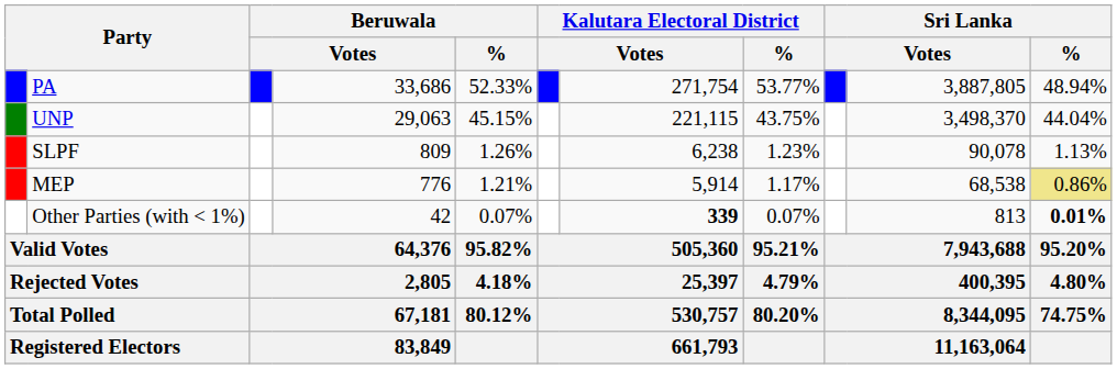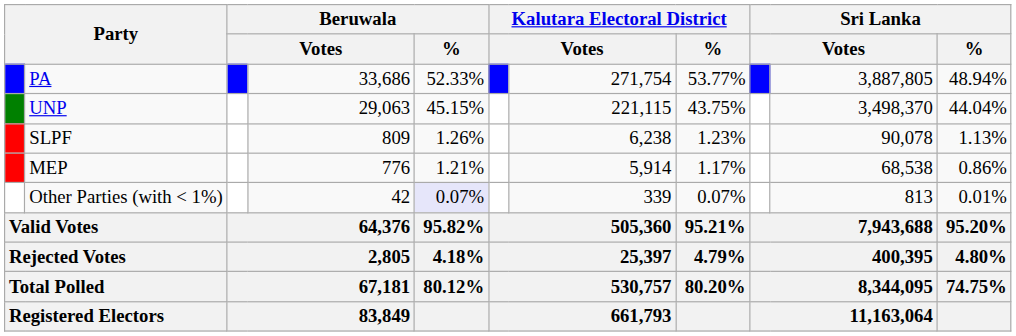 <table class="wikitable">
 <tr>
 <th colspan="2" width="144px"rowspan="2">Party</th>
 <th colspan="3" width="216px">Beruwala</th>
 <th colspan="3" width="216px"><a href='#'>Kalutara Electoral District</a></th>
 <th colspan="3" width="216px">Sri Lanka</th>
 </tr>
 <tr>
 <th colspan="2" width="144px">Votes</th>
 <th>%</th>
 <th colspan="2" width="144px">Votes</th>
 <th>%</th>
 <th colspan="2" width="144px">Votes</th>
 <th>%</th>
 </tr>
 <tr>
 <td style="background-color:blue;" width="10px"></td>
 <td style="text-align:left;"><a href='#'>PA</a></td>
 <td style="background-color:blue;" width="10px"></td>
 <td style="text-align:right;">33,686</td>
 <td style="text-align:right;">52.33%</td>
 <td style="background-color:blue;" width="10px"></td>
 <td style="text-align:right;">271,754</td>
 <td style="text-align:right;">53.77%</td>
 <td style="background-color:blue;" width="10px"></td>
 <td style="text-align:right;">3,887,805</td>
 <td style="text-align:right;">48.94%</td>
 </tr>
 <tr>
 <td style="background-color:green;" width="10px"></td>
 <td style="text-align:left;"><a href='#'>UNP</a></td>
 <td style="background-color:white;" width="10px"></td>
 <td style="text-align:right;">29,063</td>
 <td style="text-align:right;">45.15%</td>
 <td style="background-color:white;" width="10px"></td>
 <td style="text-align:right;">221,115</td>
 <td style="text-align:right;">43.75%</td>
 <td style="background-color:white;" width="10px"></td>
 <td style="text-align:right;">3,498,370</td>
 <td style="text-align:right;">44.04%</td>
 </tr>
 <tr>
 <td style="background-color:red;" width="10px"></td>
 <td style="text-align:left;">SLPF</td>
 <td style="background-color:white;" width="10px"></td>
 <td style="text-align:right;">809</td>
 <td style="text-align:right;">1.26%</td>
 <td style="background-color:white;" width="10px"></td>
 <td style="text-align:right;">6,238</td>
 <td style="text-align:right;">1.23%</td>
 <td style="background-color:white;" width="10px"></td>
 <td style="text-align:right;">90,078</td>
 <td style="text-align:right;">1.13%</td>
 </tr>
 <tr>
 <td style="background-color:red;" width="10px"></td>
 <td style="text-align:left;">MEP</td>
 <td style="background-color:white;" width="10px"></td>
 <td style="text-align:right;">776</td>
 <td style="text-align:right;">1.21%</td>
 <td style="background-color:white;" width="10px"></td>
 <td style="text-align:right;">5,914</td>
 <td style="text-align:right;">1.17%</td>
 <td style="background-color:white;" width="10px"></td>
 <td style="text-align:right;">68,538</td>
-<td style="background: khaki; text-align:right;">0.86%</td>
+<td style="text-align:right;">0.86%</td>
 </tr>
 <tr>
 <td style="background-color:white;" width="10px"></td>
 <td style="text-align:left;">Other Parties (with < 1%)</td>
 <td style="background-color:white;" width="10px"></td>
 <td style="text-align:right;">42</td>
-<td style="text-align:right;">0.07%</td>
+<td style="background: lavender; text-align:right;">0.07%</td>
 <td style="background-color:white;" width="10px"></td>
-<td style="text-align:right;"><strong>339</strong></td>
+<td style="text-align:right;">339</td>
 <td style="text-align:right;">0.07%</td>
 <td style="background-color:white;" width="10px"></td>
 <td style="text-align:right;">813</td>
-<td style="text-align:right;"><strong>0.01%</strong></td>
+<td style="text-align:right;">0.01%</td>
 </tr>
 <tr>
 <th colspan="2" width="144px"style="text-align:left;">Valid Votes</th>
 <th style="text-align:right;"colspan="2" width="144px">64,376</th>
 <th style="text-align:right;">95.82%</th>
 <th style="text-align:right;"colspan="2" width="144px">505,360</th>
 <th style="text-align:right;">95.21%</th>
 <th style="text-align:right;"colspan="2" width="144px">7,943,688</th>
 <th style="text-align:right;">95.20%</th>
 </tr>
 <tr>
 <th colspan="2" width="144px"style="text-align:left;">Rejected Votes</th>
 <th style="text-align:right;"colspan="2" width="144px">2,805</th>
 <th style="text-align:right;">4.18%</th>
 <th style="text-align:right;"colspan="2" width="144px">25,397</th>
 <th style="text-align:right;">4.79%</th>
 <th style="text-align:right;"colspan="2" width="144px">400,395</th>
 <th style="text-align:right;">4.80%</th>
 </tr>
 <tr>
 <th colspan="2" width="144px"style="text-align:left;">Total Polled</th>
 <th style="text-align:right;"colspan="2" width="144px">67,181</th>
 <th style="text-align:right;">80.12%</th>
 <th style="text-align:right;"colspan="2" width="144px">530,757</th>
 <th style="text-align:right;">80.20%</th>
 <th style="text-align:right;"colspan="2" width="144px">8,344,095</th>
 <th style="text-align:right;">74.75%</th>
 </tr>
 <tr>
 <th colspan="2" width="144px"style="text-align:left;">Registered Electors</th>
 <th style="text-align:right;"colspan="2" width="144px">83,849</th>
 <th></th>
 <th style="text-align:right;"colspan="2" width="144px">661,793</th>
 <th></th>
 <th style="text-align:right;"colspan="2" width="144px">11,163,064</th>
 <th></th>
 </tr>
 </table>
